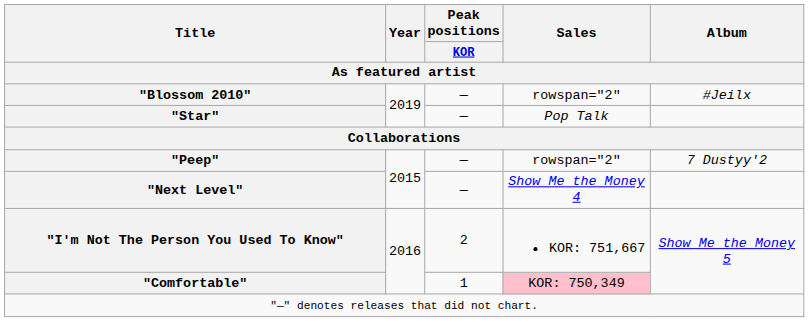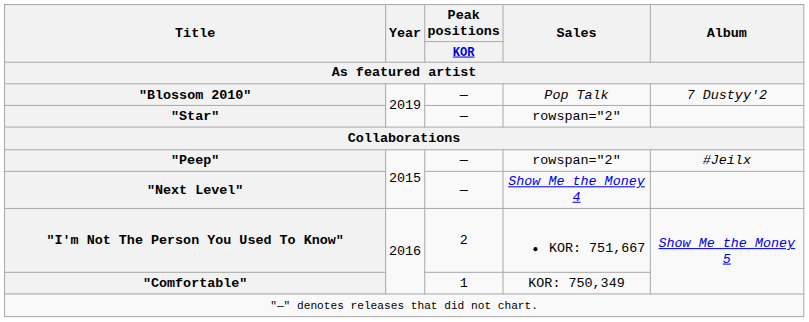 <table class="wikitable plainrowheaders" style="text-align:center;">
 <tr>
 <th scope="col" rowspan="2" style="width:28em;">Title</th>
 <th scope="col" rowspan="2" style="width:2em;">Year</th>
 <th scope="col" colspan="1">Peak positions</th>
 <th scope="col" rowspan="2" style="width:10.5em;">Sales</th>
 <th scope="col" rowspan="2" style="width:11em;">Album</th>
 </tr>
 <tr>
 <th scope="col" style="width:2.5em;font-size:90%;"><a href='#'>KOR</a><br></th>
 </tr>
 <tr>
 <th colspan="5">As featured artist</th>
 </tr>
 <tr>
 <th scope="row">"Blossom 2010" <br></th>
 <td rowspan="2">2019</td>
 <td>—</td>
-<td>rowspan="2" </td>
-<td><em>#Jeilx</em></td>
+<td><em>Pop Talk</em></td>
+<td><em>7 Dustyy'2</em></td>
 </tr>
 <tr>
 <th scope="row">"Star" <br></th>
 <td>—</td>
-<td><em>Pop Talk</em></td>
+<td>rowspan="2" </td>
 </tr>
 <tr>
 <th colspan="5">Collaborations</th>
 </tr>
 <tr>
 <th scope="row">"Peep"  <br></th>
 <td rowspan="2">2015</td>
 <td>—</td>
 <td>rowspan="2" </td>
-<td><em>7 Dustyy'2</em></td>
+<td><em>#Jeilx</em></td>
 </tr>
 <tr>
 <th scope="row">"Next Level" <br></th>
 <td>—</td>
 <td><em><a href='#'>Show Me the Money 4</a></em></td>
 </tr>
 <tr>
 <th scope="row">"I'm Not The Person You Used To Know"  <br></th>
 <td rowspan="2">2016</td>
 <td>2</td>
 <td><br><ul><li>KOR: 751,667</li></ul></td>
 <td rowspan="2"><em><a href='#'>Show Me the Money 5</a></em></td>
 </tr>
 <tr>
 <th scope="row">"Comfortable"  <br></th>
 <td>1</td>
-<td style="background: pink;">KOR: 750,349</td>
+<td>KOR: 750,349</td>
 </tr>
 <tr>
 <td colspan="5" align="center"><small>"—" denotes releases that did not chart.</small></td>
 </tr>
 </table>
